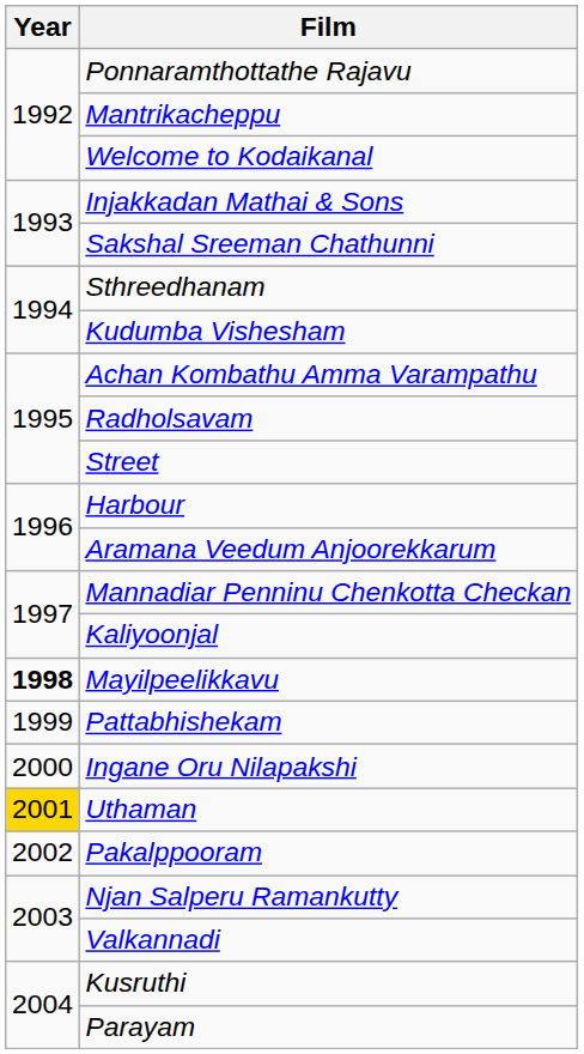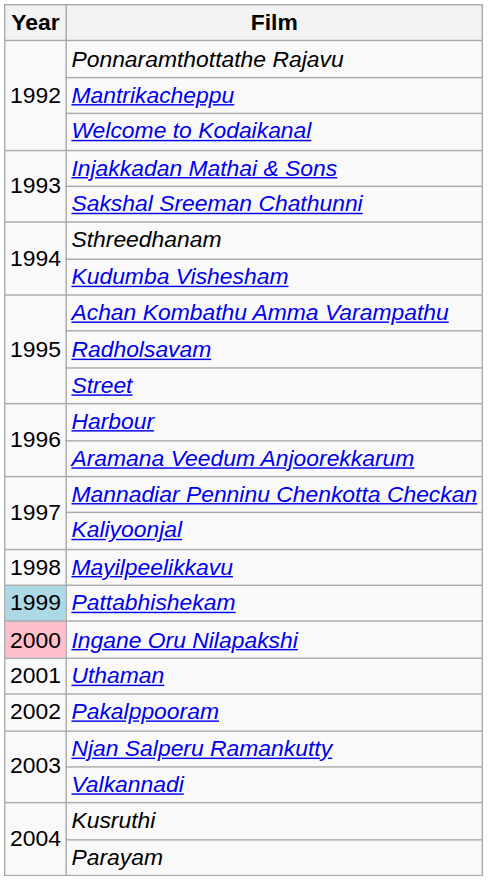 <table class="wikitable">
 <tr>
 <th>Year</th>
 <th>Film</th>
 </tr>
 <tr>
 <td rowspan=3>1992</td>
 <td><em>Ponnaramthottathe Rajavu</em></td>
 </tr>
 <tr>
 <td><em><a href='#'>Mantrikacheppu</a></em></td>
 </tr>
 <tr>
 <td><em><a href='#'>Welcome to Kodaikanal</a></em></td>
 </tr>
 <tr>
 <td rowspan=2>1993</td>
 <td><em><a href='#'>Injakkadan Mathai & Sons</a></em></td>
 </tr>
 <tr>
 <td><em><a href='#'>Sakshal Sreeman Chathunni</a></em></td>
 </tr>
 <tr>
 <td rowspan=2>1994</td>
 <td><em>Sthreedhanam</em></td>
 </tr>
 <tr>
 <td><em><a href='#'>Kudumba Vishesham</a></em></td>
 </tr>
 <tr>
 <td rowspan=3>1995</td>
 <td><em><a href='#'>Achan Kombathu Amma Varampathu</a></em></td>
 </tr>
 <tr>
 <td><em><a href='#'>Radholsavam</a></em></td>
 </tr>
 <tr>
 <td><em><a href='#'>Street</a></em></td>
 </tr>
 <tr>
 <td rowspan=2>1996</td>
 <td><em><a href='#'>Harbour</a></em></td>
 </tr>
 <tr>
 <td><em><a href='#'>Aramana Veedum Anjoorekkarum</a></em></td>
 </tr>
 <tr>
 <td rowspan=2>1997</td>
 <td><em><a href='#'>Mannadiar Penninu Chenkotta Checkan</a></em></td>
 </tr>
 <tr>
 <td><em><a href='#'>Kaliyoonjal</a></em></td>
 </tr>
 <tr>
-<td><strong>1998</strong></td>
+<td>1998</td>
 <td><em><a href='#'>Mayilpeelikkavu</a></em></td>
 </tr>
 <tr>
-<td>1999</td>
+<td style="background: lightblue;">1999</td>
 <td><em><a href='#'>Pattabhishekam</a></em></td>
 </tr>
 <tr>
-<td>2000</td>
+<td style="background: pink;">2000</td>
 <td><em><a href='#'>Ingane Oru Nilapakshi</a></em></td>
 </tr>
 <tr>
-<td style="background: gold;">2001</td>
+<td>2001</td>
 <td><em><a href='#'>Uthaman</a></em></td>
 </tr>
 <tr>
 <td>2002</td>
 <td><em><a href='#'>Pakalppooram</a></em></td>
 </tr>
 <tr>
 <td rowspan=2>2003</td>
 <td><em><a href='#'>Njan Salperu Ramankutty</a></em></td>
 </tr>
 <tr>
 <td><em><a href='#'>Valkannadi</a></em></td>
 </tr>
 <tr>
 <td rowspan="2">2004</td>
 <td><em>Kusruthi</em></td>
 </tr>
 <tr>
 <td><em>Parayam</em></td>
 </tr>
 </table>
